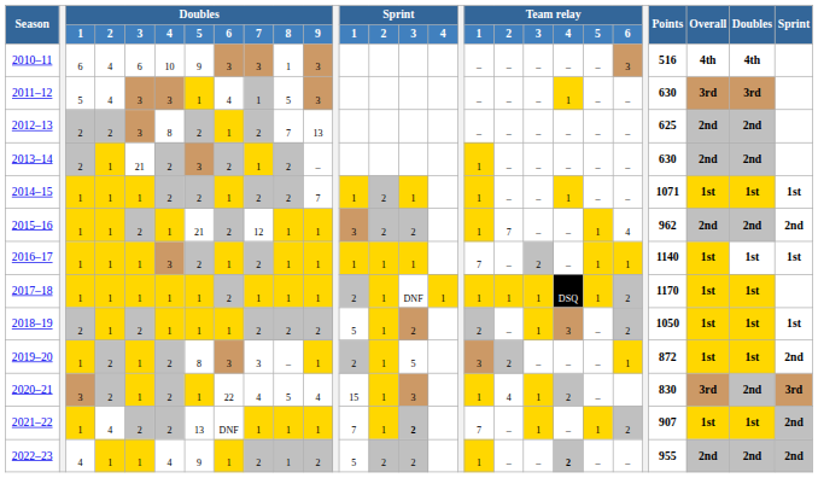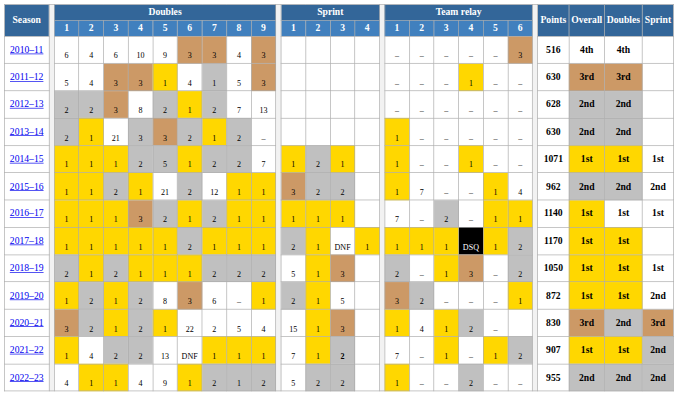 <table class="wikitable" style="font-size:90%; text-align:center; border:grey solid 1px; border-collapse:collapse; background:#ffffff;">
 <tr>
 <th rowspan="2" style="background-color:#369; color:white; width:60px">Season</th>
 <th rowspan="15" width="1px"></th>
 <th colspan="9" style="background-color:#369; color:white;">Doubles</th>
 <th rowspan="15" width="1px"></th>
 <th colspan="4" style="background-color:#369; color:white;">Sprint</th>
 <th rowspan="15" width="1px"></th>
 <th colspan="6" style="background-color:#369; color:white;">Team relay</th>
 <th rowspan="15" width="1px"></th>
 <th rowspan="2" style="background-color:#369; color:white; width:40px">Points</th>
 <th rowspan="2" style="background-color:#369; color:white; width:40px">Overall</th>
 <th rowspan="2" style="background-color:#369; color:white; width:40px">Doubles</th>
 <th rowspan="2" style="background-color:#369; color:white; width:40px">Sprint</th>
 </tr>
 <tr>
 <th style="background-color:#4180be; color:white; width:30px">1</th>
 <th style="background-color:#4180be; color:white; width:30px">2</th>
 <th style="background-color:#4180be; color:white; width:30px">3</th>
 <th style="background-color:#4180be; color:white; width:30px">4</th>
 <th style="background-color:#4180be; color:white; width:30px">5</th>
 <th style="background-color:#4180be; color:white; width:30px">6</th>
 <th style="background-color:#4180be; color:white; width:30px">7</th>
 <th style="background-color:#4180be; color:white; width:30px">8</th>
 <th style="background-color:#4180be; color:white; width:30px">9</th>
 <th style="background-color:#4180be; color:white; width:30px">1</th>
 <th style="background-color:#4180be; color:white; width:30px">2</th>
 <th style="background-color:#4180be; color:white; width:30px">3</th>
 <th style="background-color:#4180be; color:white; width:30px">4</th>
 <th style="background-color:#4180be; color:white; width:30px">1</th>
 <th style="background-color:#4180be; color:white; width:30px">2</th>
 <th style="background-color:#4180be; color:white; width:30px">3</th>
 <th style="background-color:#4180be; color:white; width:30px">4</th>
 <th style="background-color:#4180be; color:white; width:30px">5</th>
 <th style="background-color:#4180be; color:white; width:30px">6</th>
 </tr>
 <tr>
 <td><a href='#'>2010–11</a></td>
 <td><br><small>6</small></td>
 <td><br><small>4</small></td>
 <td><br><small>6</small></td>
 <td><br><small>10</small></td>
 <td><br><small>9</small></td>
 <td style="background:#cc9966;"><br><small>3</small></td>
 <td style="background:#cc9966;"><br><small>3</small></td>
-<td><br><small>1</small></td>
+<td><br><small>4</small></td>
 <td style="background:#cc9966;"><br><small>3</small></td>
 <td></td>
 <td></td>
 <td></td>
 <td></td>
 <td><br><small>–</small></td>
 <td><br><small>–</small></td>
 <td><br><small>–</small></td>
 <td><br><small>–</small></td>
 <td><br><small>–</small></td>
 <td style="background:#cc9966;"><br><small>3</small></td>
 <td><strong>516</strong></td>
 <td><strong>4th</strong></td>
 <td><strong>4th</strong></td>
 <td></td>
 </tr>
 <tr>
 <td><a href='#'>2011–12</a></td>
 <td><br><small>5</small></td>
 <td><br><small>4</small></td>
 <td style="background:#cc9966;"><br><small>3</small></td>
 <td style="background:#cc9966;"><br><small>3</small></td>
 <td style="background:gold;"><br><small>1</small></td>
 <td><br><small>4</small></td>
 <td style="background:silver;"><br><small>1</small></td>
 <td><br><small>5</small></td>
 <td style="background:#cc9966;"><br><small>3</small></td>
 <td></td>
 <td></td>
 <td></td>
 <td></td>
 <td><br><small>–</small></td>
 <td><br><small>–</small></td>
 <td><br><small>–</small></td>
 <td style="background:gold;"><br><small>1</small></td>
 <td><br><small>–</small></td>
 <td><br><small>–</small></td>
 <td><strong>630</strong></td>
 <td style="background:#cc9966;"><strong>3rd</strong></td>
 <td style="background:#cc9966;"><strong>3rd</strong></td>
 <td></td>
 </tr>
 <tr>
 <td><a href='#'>2012–13</a></td>
 <td style="background:silver;"><br><small>2</small></td>
 <td style="background:silver;"><br><small>2</small></td>
 <td style="background:#cc9966;"><br><small>3</small></td>
 <td><br><small>8</small></td>
 <td style="background:silver;"><br><small>2</small></td>
 <td style="background:gold;"><br><small>1</small></td>
 <td style="background:silver;"><br><small>2</small></td>
 <td><br><small>7</small></td>
 <td><br><small>13</small></td>
 <td></td>
 <td></td>
 <td></td>
 <td></td>
 <td><br><small>–</small></td>
 <td><br><small>–</small></td>
 <td><br><small>–</small></td>
 <td><br><small>–</small></td>
 <td><br><small>–</small></td>
 <td><br><small>–</small></td>
-<td><strong>625</strong></td>
+<td><strong>628</strong></td>
 <td style="background:silver;"><strong>2nd</strong></td>
 <td style="background:silver;"><strong>2nd</strong></td>
 <td></td>
 </tr>
 <tr>
 <td><a href='#'>2013–14</a></td>
 <td style="background:silver;"><br><small>2</small></td>
 <td style="background:gold;"><br><small>1</small></td>
 <td><br><small>21</small></td>
-<td style="background:silver;"><br><small>2</small></td>
+<td style="background:silver;"><br><small>3</small></td>
 <td style="background:#cc9966;"><br><small>3</small></td>
 <td style="background:silver;"><br><small>2</small></td>
 <td style="background:gold;"><br><small>1</small></td>
 <td style="background:silver;"><br><small>2</small></td>
 <td><br><small>–</small></td>
 <td></td>
 <td></td>
 <td></td>
 <td></td>
 <td style="background:gold;"><br><small>1</small></td>
 <td><br><small>–</small></td>
 <td><br><small>–</small></td>
 <td><br><small>–</small></td>
 <td><br><small>–</small></td>
 <td><br><small>–</small></td>
 <td><strong>630</strong></td>
 <td style="background:silver;"><strong>2nd</strong></td>
 <td style="background:silver;"><strong>2nd</strong></td>
 <td></td>
 </tr>
 <tr>
 <td><a href='#'>2014–15</a></td>
 <td style="background:gold;"><br><small>1</small></td>
 <td style="background:gold;"><br><small>1</small></td>
 <td style="background:gold;"><br><small>1</small></td>
 <td style="background:silver;"><br><small>2</small></td>
-<td style="background:silver;"><br><small>2</small></td>
+<td style="background:silver;"><br><small>5</small></td>
 <td style="background:gold;"><br><small>1</small></td>
 <td style="background:silver;"><br><small>2</small></td>
 <td style="background:silver;"><br><small>2</small></td>
 <td><br><small>7</small></td>
 <td style="background:gold;"><br><small>1</small></td>
 <td style="background:silver;"><br><small>2</small></td>
 <td style="background:gold;"><br><small>1</small></td>
 <td></td>
 <td style="background:gold;"><br><small>1</small></td>
 <td><br><small>–</small></td>
 <td><br><small>–</small></td>
 <td style="background:gold;"><br><small>1</small></td>
 <td><br><small>–</small></td>
 <td><br><small>–</small></td>
 <td><strong>1071</strong></td>
 <td style="background:gold;"><strong>1st</strong></td>
 <td style="background:gold;"><strong>1st</strong></td>
 <td><strong>1st</strong></td>
 </tr>
 <tr>
 <td><a href='#'>2015–16</a></td>
 <td style="background:gold;"><br><small>1</small></td>
 <td style="background:gold;"><br><small>1</small></td>
 <td style="background:silver;"><br><small>2</small></td>
 <td style="background:gold;"><br><small>1</small></td>
 <td><br><small>21</small></td>
 <td style="background:silver;"><br><small>2</small></td>
 <td><br><small>12</small></td>
 <td style="background:gold;"><br><small>1</small></td>
 <td style="background:gold;"><br><small>1</small></td>
 <td style="background:#cc9966;"><br><small>3</small></td>
 <td style="background:silver;"><br><small>2</small></td>
 <td style="background:silver;"><br><small>2</small></td>
 <td></td>
 <td style="background:gold;"><br><small>1</small></td>
 <td><br><small>7</small></td>
 <td><br><small>–</small></td>
 <td><br><small>–</small></td>
 <td style="background:gold;"><br><small>1</small></td>
 <td><br><small>4</small></td>
 <td><strong>962</strong></td>
 <td style="background:silver;"><strong>2nd</strong></td>
 <td style="background:silver;"><strong>2nd</strong></td>
 <td><strong>2nd</strong></td>
 </tr>
 <tr>
 <td><a href='#'>2016–17</a></td>
 <td style="background:gold;"><br><small>1</small></td>
 <td style="background:gold;"><br><small>1</small></td>
 <td style="background:gold;"><br><small>1</small></td>
 <td style="background:#cc9966;"><br><small>3</small></td>
 <td style="background:silver;"><br><small>2</small></td>
 <td style="background:gold;"><br><small>1</small></td>
 <td style="background:silver;"><br><small>2</small></td>
 <td style="background:gold;"><br><small>1</small></td>
 <td style="background:gold;"><br><small>1</small></td>
 <td style="background:gold;"><br><small>1</small></td>
 <td style="background:gold;"><br><small>1</small></td>
 <td style="background:gold;"><br><small>1</small></td>
 <td></td>
 <td><br><small>7</small></td>
 <td><br><small>–</small></td>
 <td style="background:silver;"><br><small>2</small></td>
 <td><br><small>–</small></td>
 <td style="background:gold;"><br><small>1</small></td>
 <td style="background:gold;"><br><small>1</small></td>
 <td><strong>1140</strong></td>
 <td style="background:gold;"><strong>1st</strong></td>
 <td 'style="background:gold;"><strong>1st</strong></td>
 <td><strong>1st</strong></td>
 </tr>
 <tr>
 <td><a href='#'>2017–18</a></td>
 <td style="background:gold;"><br><small>1</small></td>
 <td style="background:gold;"><br><small>1</small></td>
 <td style="background:gold;"><br><small>1</small></td>
 <td style="background:gold;"><br><small>1</small></td>
 <td style="background:gold;"><br><small>1</small></td>
 <td style="background:silver;"><br><small>2</small></td>
 <td style="background:gold;"><br><small>1</small></td>
 <td style="background:gold;"><br><small>1</small></td>
 <td style="background:gold;"><br><small>1</small></td>
 <td style="background:silver;"><br><small>2</small></td>
 <td style="background:gold;"><br><small>1</small></td>
 <td><br><small>DNF</small></td>
 <td style="background:gold;"><br><small>1</small></td>
 <td style="background:gold;"><br><small>1</small></td>
 <td style="background:gold;"><br><small>1</small></td>
 <td style="background:gold;"><br><small>1</small></td>
 <td style="background:#000; color:#fff;"><br><small>DSQ</small></td>
 <td style="background:gold;"><br><small>1</small></td>
 <td style="background:silver;"><br><small>2</small></td>
 <td><strong>1170</strong></td>
 <td style="background:gold;"><strong>1st</strong></td>
 <td style="background:gold;"><strong>1st</strong></td>
 <td></td>
 </tr>
 <tr>
 <td><a href='#'>2018–19</a></td>
 <td style="background:silver;"><br><small>2</small></td>
 <td style="background:gold;"><br><small>1</small></td>
 <td style="background:silver;"><br><small>2</small></td>
 <td style="background:gold;"><br><small>1</small></td>
 <td style="background:gold;"><br><small>1</small></td>
 <td style="background:gold;"><br><small>1</small></td>
 <td style="background:silver;"><br><small>2</small></td>
 <td style="background:silver;"><br><small>2</small></td>
 <td style="background:silver;"><br><small>2</small></td>
 <td><br><small>5</small></td>
 <td style="background:gold;"><br><small>1</small></td>
-<td style="background:#cc9966;"><br><small>2</small></td>
+<td style="background:#cc9966;"><br><small>3</small></td>
 <td></td>
 <td style="background:silver;"><br><small>2</small></td>
 <td><br><small>–</small></td>
 <td style="background:gold;"><br><small>1</small></td>
 <td style="background:#cc9966;"><br><small>3</small></td>
 <td><br><small>–</small></td>
 <td style="background:silver;"><br><small>2</small></td>
 <td><strong>1050</strong></td>
 <td style="background:gold;"><strong>1st</strong></td>
 <td style="background:gold;"><strong>1st</strong></td>
 <td><strong>1st</strong></td>
 </tr>
 <tr>
 <td><a href='#'>2019–20</a></td>
 <td style="background:gold;"><br><small>1</small></td>
 <td style="background:silver;"><br><small>2</small></td>
 <td style="background:gold;"><br><small>1</small></td>
 <td style="background:silver;"><br><small>2</small></td>
 <td><br><small>8</small></td>
 <td style="background:#cc9966;"><br><small>3</small></td>
-<td><br><small>3</small></td>
+<td><br><small>6</small></td>
 <td><br><small>–</small></td>
 <td style="background:gold;"><br><small>1</small></td>
 <td style="background:silver;"><br><small>2</small></td>
 <td style="background:gold;"><br><small>1</small></td>
 <td><br><small>5</small></td>
 <td></td>
 <td style="background:#cc9966;"><br><small>3</small></td>
 <td style="background:silver;"><br><small>2</small></td>
 <td><br><small>–</small></td>
 <td><br><small>–</small></td>
 <td><br><small>–</small></td>
 <td style="background:gold;"><br><small>1</small></td>
 <td><strong>872</strong></td>
 <td style="background:gold;"><strong>1st</strong></td>
 <td style="background:gold;"><strong>1st</strong></td>
 <td><strong>2nd</strong></td>
 </tr>
 <tr>
 <td><a href='#'>2020–21</a></td>
 <td style="background:#cc9966;"><br><small>3</small></td>
 <td style="background:silver;"><br><small>2</small></td>
 <td style="background:gold;"><br><small>1</small></td>
 <td style="background:silver;"><br><small>2</small></td>
 <td style="background:gold;"><br><small>1</small></td>
 <td><br><small>22</small></td>
-<td><br><small>4</small></td>
+<td><br><small>2</small></td>
 <td><br><small>5</small></td>
 <td><br><small>4</small></td>
 <td><br><small>15</small></td>
 <td style="background:gold;"><br><small>1</small></td>
 <td style="background:#cc9966;"><br><small>3</small></td>
 <td></td>
 <td style="background:gold;"><br><small>1</small></td>
 <td><br><small>4</small></td>
 <td style="background:gold;"><br><small>1</small></td>
 <td style="background:silver;"><br><small>2</small></td>
 <td><br><small>–</small></td>
 <td><br><small></small></td>
 <td><strong>830</strong></td>
 <td style="background:#cc9966;"><strong>3rd</strong></td>
 <td style="background:silver;"><strong>2nd</strong></td>
 <td style="background:#cc9966;"><strong>3rd</strong></td>
 </tr>
 <tr>
 <td><a href='#'>2021–22</a></td>
 <td style="background:gold;"><br><small>1</small></td>
 <td><br><small>4</small></td>
 <td style="background:silver;"><br><small>2</small></td>
 <td style="background:silver;"><br><small>2</small></td>
 <td><br><small>13</small></td>
 <td><br><small>DNF</small></td>
 <td style="background:gold;"><br><small>1</small></td>
 <td style="background:gold;"><br><small>1</small></td>
 <td style="background:gold;"><br><small>1</small></td>
 <td><br><small>7</small></td>
 <td style="background:gold;"><br><small>1</small></td>
 <td style="background:silver;"><strong><br><small>2</small></strong></td>
 <td></td>
 <td><br><small>7</small></td>
 <td><br><small>–</small></td>
 <td style="background:gold;"><br><small>1</small></td>
 <td><br><small>–</small></td>
 <td style="background:gold;"><br><small>1</small></td>
 <td style="background:silver;"><br><small>2</small></td>
 <td><strong>907</strong></td>
 <td style="background:gold;"><strong>1st</strong></td>
 <td style="background:gold;"><strong>1st</strong></td>
 <td style="background:silver;"><strong>2nd</strong></td>
 </tr>
 <tr>
 <td><a href='#'>2022–23</a></td>
 <td><br><small>4</small></td>
 <td style="background:gold;"><br><small>1</small></td>
 <td style="background:gold;"><br><small>1</small></td>
 <td><br><small>4</small></td>
 <td><br><small>9</small></td>
 <td style="background:gold;"><br><small>1</small></td>
 <td style="background:silver;"><br><small>2</small></td>
 <td style="background:silver;"><br><small>1</small></td>
 <td style="background:silver;"><br><small>2</small></td>
 <td><br><small>5</small></td>
 <td style="background:silver;"><br><small>2</small></td>
 <td style="background:silver;"><br><small>2</small></td>
 <td></td>
 <td style="background:gold;"><br><small>1</small></td>
 <td><br><small>–</small></td>
 <td><br><small>–</small></td>
-<td style="background:silver;"><strong><br><small>2</small></strong></td>
+<td style="background:silver;"><br><small>2</small></td>
 <td><br><small>– </small></td>
 <td><br><small>– </small></td>
 <td><strong>955</strong></td>
 <td style="background:silver;"><strong>2nd</strong></td>
 <td style="background:silver;"><strong>2nd</strong></td>
 <td style="background:silver;"><strong>2nd</strong></td>
 </tr>
 </table>
